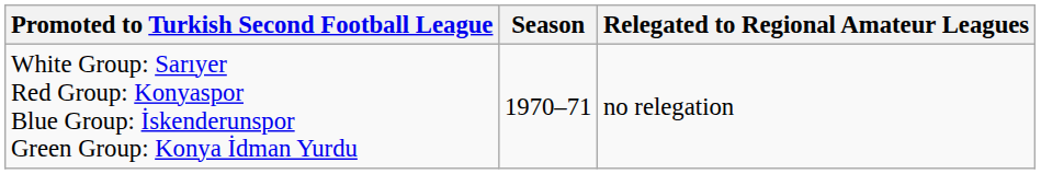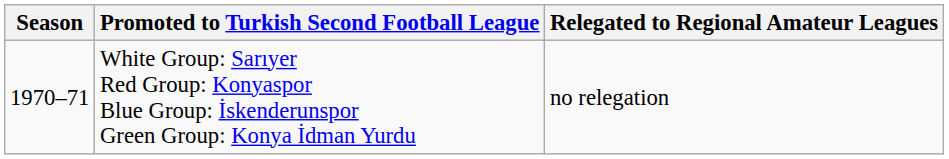 <table class="wikitable">
 <tr>
+<th>Season</th>
 <th>Promoted to <a href='#'>Turkish Second Football League</a></th>
-<th>Season</th>
 <th>Relegated to Regional Amateur Leagues</th>
 </tr>
 <tr>
+<td>1970–71</td>
 <td>White Group: <a href='#'>Sarıyer</a><br>Red Group: <a href='#'>Konyaspor</a><br>Blue Group: <a href='#'>İskenderunspor</a><br>Green Group: <a href='#'>Konya İdman Yurdu</a></td>
-<td>1970–71</td>
 <td>no relegation</td>
 </tr>
 </table>
